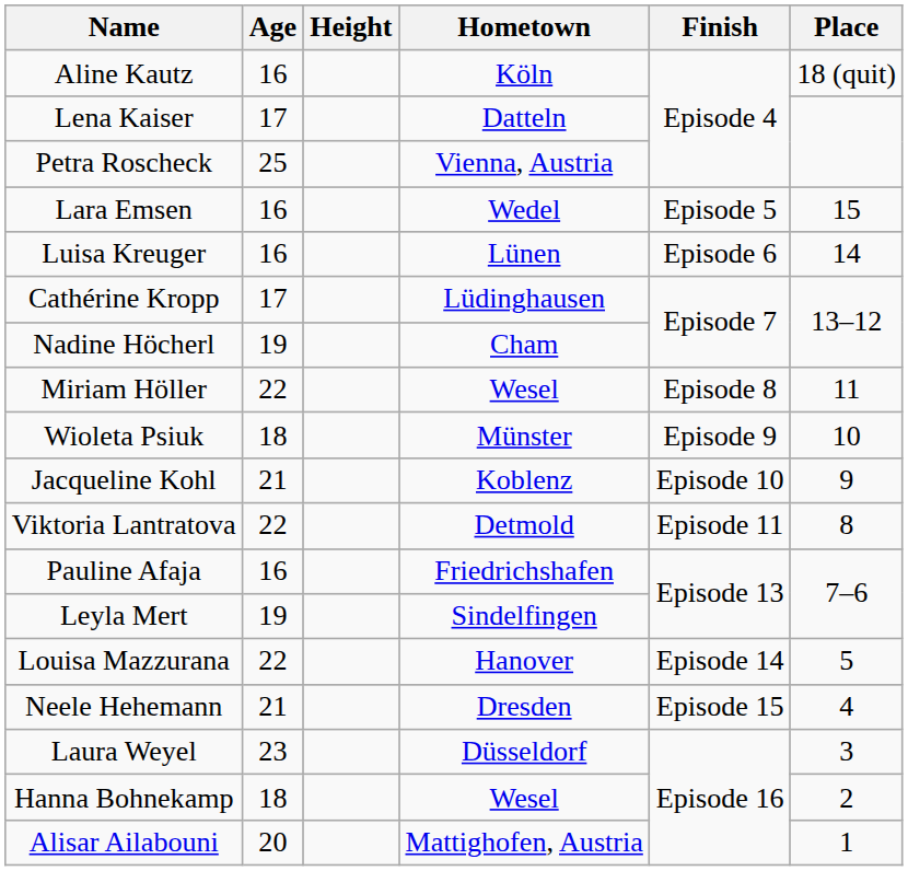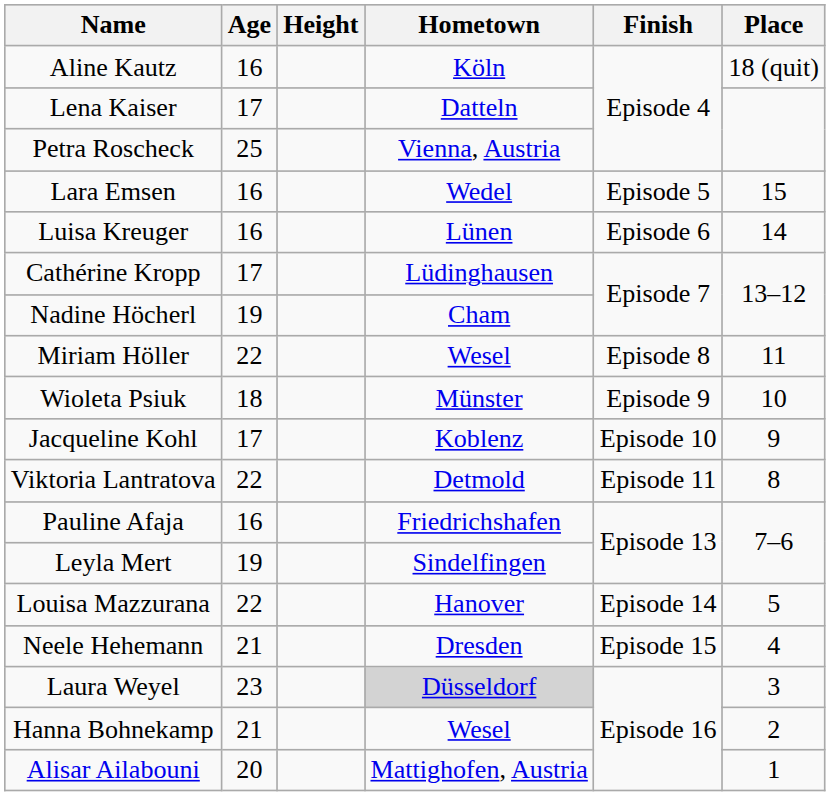 <table class="wikitable sortable" style="text-align:center;">
 <tr>
 <th>Name</th>
 <th>Age</th>
 <th>Height</th>
 <th>Hometown</th>
 <th>Finish</th>
 <th>Place</th>
 </tr>
 <tr>
 <td>Aline Kautz</td>
 <td>16</td>
 <td></td>
 <td><a href='#'>Köln</a></td>
 <td rowspan="3">Episode 4</td>
 <td>18 (quit)</td>
 </tr>
 <tr>
 <td>Lena Kaiser</td>
 <td>17</td>
 <td></td>
 <td><a href='#'>Datteln</a></td>
 <td rowspan="2"></td>
 </tr>
 <tr>
 <td>Petra Roscheck</td>
 <td>25</td>
 <td></td>
 <td><a href='#'>Vienna</a>, <a href='#'>Austria</a></td>
 </tr>
 <tr>
 <td>Lara Emsen</td>
 <td>16</td>
 <td></td>
 <td><a href='#'>Wedel</a></td>
 <td>Episode 5</td>
 <td>15</td>
 </tr>
 <tr>
 <td>Luisa Kreuger</td>
 <td>16</td>
 <td></td>
 <td><a href='#'>Lünen</a></td>
 <td>Episode 6</td>
 <td>14</td>
 </tr>
 <tr>
 <td>Cathérine Kropp</td>
 <td>17</td>
 <td></td>
 <td><a href='#'>Lüdinghausen</a></td>
 <td rowspan="2">Episode 7</td>
 <td rowspan="2">13–12</td>
 </tr>
 <tr>
 <td>Nadine Höcherl</td>
 <td>19</td>
 <td></td>
 <td><a href='#'>Cham</a></td>
 </tr>
 <tr>
 <td>Miriam Höller</td>
 <td>22</td>
 <td></td>
 <td><a href='#'>Wesel</a></td>
 <td>Episode 8</td>
 <td>11</td>
 </tr>
 <tr>
 <td>Wioleta Psiuk</td>
 <td>18</td>
 <td></td>
 <td><a href='#'>Münster</a></td>
 <td>Episode 9</td>
 <td>10</td>
 </tr>
 <tr>
 <td>Jacqueline Kohl</td>
-<td>21</td>
+<td>17</td>
 <td></td>
 <td><a href='#'>Koblenz</a></td>
 <td>Episode 10</td>
 <td>9</td>
 </tr>
 <tr>
 <td>Viktoria Lantratova</td>
 <td>22</td>
 <td></td>
 <td><a href='#'>Detmold</a></td>
 <td>Episode 11</td>
 <td>8</td>
 </tr>
 <tr>
 <td>Pauline Afaja</td>
 <td>16</td>
 <td></td>
 <td><a href='#'>Friedrichshafen</a></td>
 <td rowspan=2>Episode 13</td>
 <td rowspan="2">7–6</td>
 </tr>
 <tr>
 <td>Leyla Mert</td>
 <td>19</td>
 <td></td>
 <td><a href='#'>Sindelfingen</a></td>
 </tr>
 <tr>
 <td>Louisa Mazzurana</td>
 <td>22</td>
 <td></td>
 <td><a href='#'>Hanover</a></td>
 <td>Episode 14</td>
 <td>5</td>
 </tr>
 <tr>
 <td>Neele Hehemann</td>
 <td>21</td>
 <td></td>
 <td><a href='#'>Dresden</a></td>
 <td>Episode 15</td>
 <td>4</td>
 </tr>
 <tr>
 <td>Laura Weyel</td>
 <td>23</td>
 <td></td>
-<td><a href='#'>Düsseldorf</a></td>
+<td style="background: lightgrey;"><a href='#'>Düsseldorf</a></td>
 <td rowspan="3">Episode 16</td>
 <td>3</td>
 </tr>
 <tr>
 <td>Hanna Bohnekamp</td>
-<td>18</td>
+<td>21</td>
 <td></td>
 <td><a href='#'>Wesel</a></td>
 <td>2</td>
 </tr>
 <tr>
 <td><a href='#'>Alisar Ailabouni</a></td>
 <td>20</td>
 <td></td>
 <td><a href='#'>Mattighofen</a>, <a href='#'>Austria</a></td>
 <td>1</td>
 </tr>
 </table>
